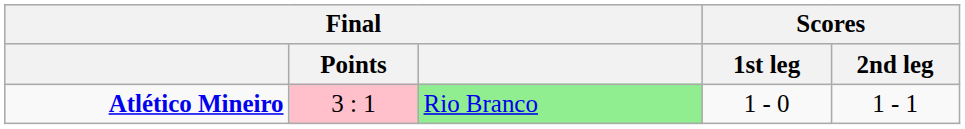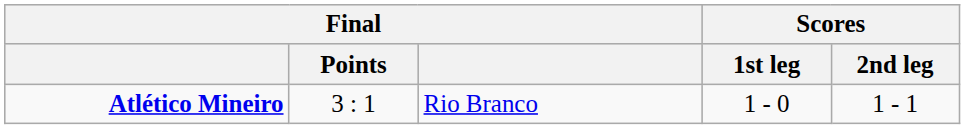 <table class="wikitable" style="text-align:center;">
 <tr>
 <th colspan=3>Final</th>
 <th colspan=3>Scores</th>
 </tr>
 <tr>
 <th width="175"></th>
 <th width="75">Points</th>
 <th width="175"></th>
 <th width="75">1st leg</th>
 <th width="75">2nd leg</th>
 </tr>
 <tr>
 <td align=right><strong><a href='#'>Atlético Mineiro</a></strong></td>
-<td style="background: pink;">3 : 1</td>
-<td align=left style="background: lightgreen;"><a href='#'>Rio Branco</a></td>
+<td>3 : 1</td>
+<td align=left><a href='#'>Rio Branco</a></td>
 <td>1 - 0</td>
 <td>1 - 1</td>
 </tr>
 </table>
